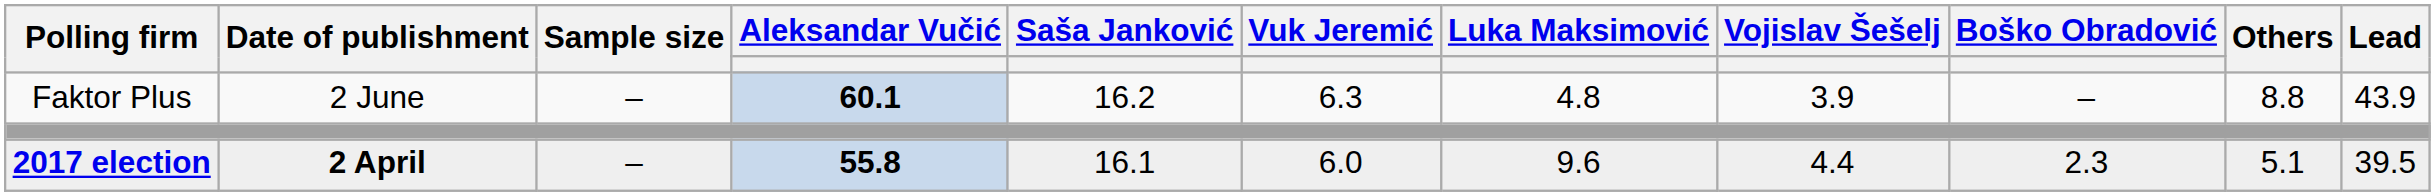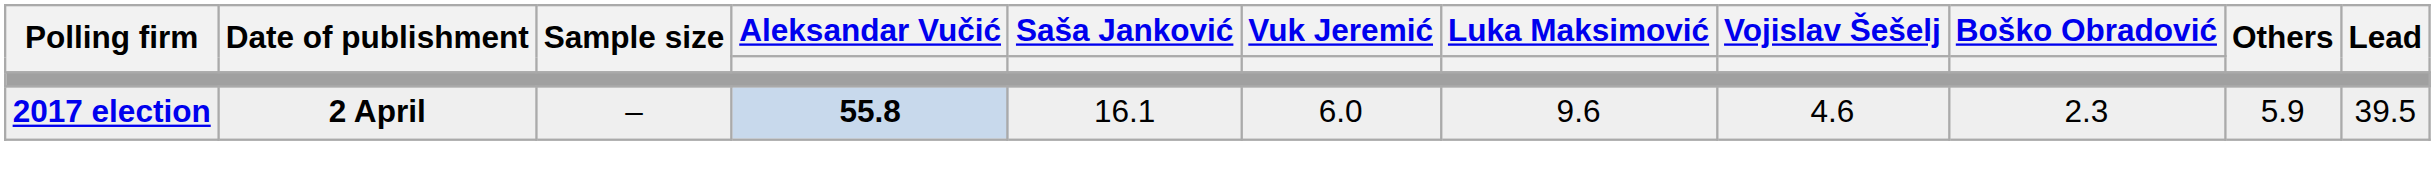 <table class="wikitable" style="text-align:center; font-size:85%; line-height:16px; margin-bottom:0">
 <tr>
 <th rowspan="2">Polling firm</th>
 <th rowspan="2">Date of publishment</th>
 <th rowspan="2">Sample size</th>
 <th><a href='#'>Aleksandar Vučić</a></th>
 <th><a href='#'>Saša Janković</a></th>
 <th><a href='#'>Vuk Jeremić</a></th>
 <th><a href='#'>Luka Maksimović</a></th>
 <th><a href='#'>Vojislav Šešelj</a></th>
 <th><a href='#'>Boško Obradović</a></th>
 <th rowspan="2">Others</th>
 <th rowspan="2">Lead</th>
 </tr>
 <tr>
 <th style="background:"></th>
 <th style="background:"></th>
 <th style="background:"></th>
 <th style="background:"></th>
 <th style="background:"></th>
 <th style="background:"></th>
 </tr>
 <tr>
-<td>Faktor Plus</td>
-<td>2 June</td>
-<td>–</td>
-<td style="background:#C8D9EC"><strong>60.1</strong></td>
-<td>16.2</td>
-<td>6.3</td>
-<td>4.8</td>
-<td>3.9</td>
-<td>–</td>
-<td>8.8</td>
-<td style="background:">43.9</td>
-</tr>
-<tr>
 <td colspan="11" style="background:#A0A0A0"></td>
 </tr>
 <tr style="background:#EFEFEF">
 <td><strong><a href='#'>2017 election</a></strong></td>
 <td><strong>2 April</strong></td>
 <td>–</td>
 <td style="background:#C8D9EC"><strong>55.8</strong></td>
 <td>16.1</td>
 <td>6.0</td>
 <td>9.6</td>
-<td>4.4</td>
+<td>4.6</td>
 <td>2.3</td>
-<td>5.1</td>
+<td>5.9</td>
 <td style="background:">39.5</td>
 </tr>
 </table>
